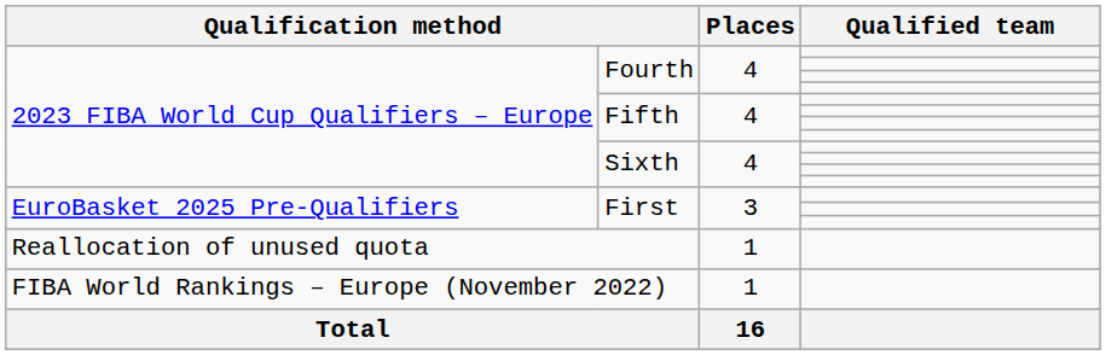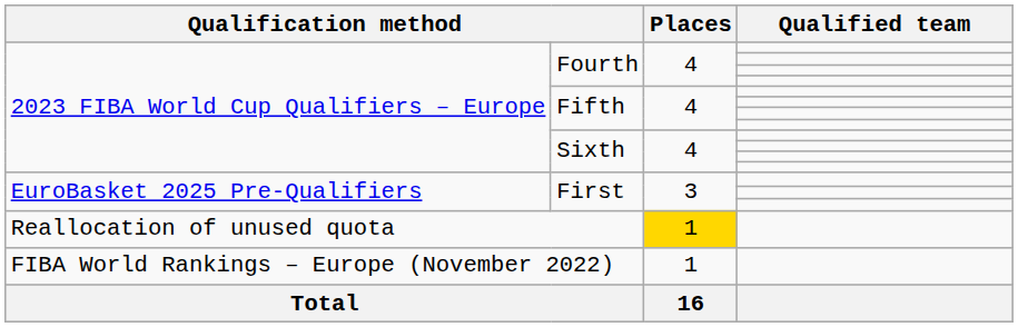 <table class="wikitable">
 <tr>
 <th colspan=2>Qualification method</th>
 <th>Places</th>
 <th width=150>Qualified team</th>
 </tr>
 <tr>
 <td rowspan=12><a href='#'>2023 FIBA World Cup Qualifiers – Europe</a></td>
 <td rowspan=4>Fourth</td>
 <td rowspan=4 align=center>4</td>
 <td></td>
 </tr>
 <tr>
 <td></td>
 </tr>
 <tr>
 <td></td>
 </tr>
 <tr>
 <td></td>
 </tr>
 <tr>
 <td rowspan=4>Fifth</td>
 <td rowspan=4 align=center>4</td>
 <td></td>
 </tr>
 <tr>
 <td></td>
 </tr>
 <tr>
 <td nowrap></td>
 </tr>
 <tr>
 <td></td>
 </tr>
 <tr>
 <td rowspan=4>Sixth</td>
 <td rowspan=4 align=center>4</td>
 <td><s></s></td>
 </tr>
 <tr>
 <td></td>
 </tr>
 <tr>
 <td></td>
 </tr>
 <tr>
 <td></td>
 </tr>
 <tr>
 <td rowspan=3><a href='#'>EuroBasket 2025 Pre-Qualifiers</a></td>
 <td rowspan=3>First</td>
 <td rowspan=3 align=center>3</td>
 <td></td>
 </tr>
 <tr>
 <td></td>
 </tr>
 <tr>
 <td></td>
 </tr>
 <tr>
 <td colspan=2>Reallocation of unused quota</td>
-<td align=center>1</td>
+<td align=center style="background: gold;">1</td>
 <td></td>
 </tr>
 <tr>
 <td colspan=2>FIBA World Rankings – Europe (November 2022)</td>
 <td align=center>1</td>
 <td></td>
 </tr>
 <tr>
 <th colspan=2>Total</th>
 <th>16</th>
 <th></th>
 </tr>
 </table>
